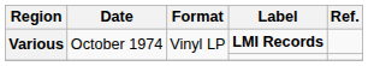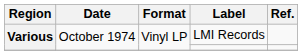 <table class="wikitable plainrowheaders">
 <tr>
 <th scope="col">Region</th>
 <th scope="col">Date</th>
 <th scope="col">Format</th>
 <th scope="col">Label</th>
 <th scope="col">Ref.</th>
 </tr>
 <tr>
 <th scope="row" rowspan="2">Various</th>
 <td rowspan="2">October 1974</td>
 <td rowspan="2">Vinyl LP</td>
-<td><strong>LMI Records</strong></td>
+<td>LMI Records</td>
 <td></td>
 </tr>
 <tr>
 <td></td>
 <td></td>
 </tr>
 <tr>
 </tr>
 </table>
